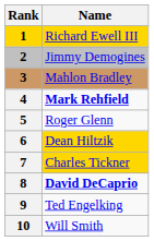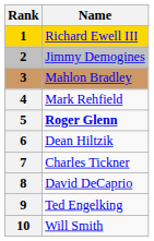 <table class="wikitable">
 <tr>
 <th>Rank</th>
 <th>Name</th>
 </tr>
 <tr bgcolor="gold">
 <td align="center"><strong>1</strong></td>
 <td><a href='#'>Richard Ewell III</a></td>
 </tr>
 <tr bgcolor="silver">
 <td align="center"><strong>2</strong></td>
 <td><a href='#'>Jimmy Demogines</a></td>
 </tr>
 <tr bgcolor="cc9966">
 <td align="center"><strong>3</strong></td>
 <td><a href='#'>Mahlon Bradley</a></td>
 </tr>
 <tr>
 <th>4</th>
-<td><strong><a href='#'>Mark Rehfield</a></strong></td>
+<td><a href='#'>Mark Rehfield</a></td>
 </tr>
 <tr>
 <th>5</th>
-<td><a href='#'>Roger Glenn</a></td>
+<td><strong><a href='#'>Roger Glenn</a></strong></td>
 </tr>
 <tr>
 <th>6</th>
-<td style="background: gold;"><a href='#'>Dean Hiltzik</a></td>
+<td><a href='#'>Dean Hiltzik</a></td>
 </tr>
 <tr>
 <th>7</th>
-<td style="background: gold;"><a href='#'>Charles Tickner</a></td>
+<td><a href='#'>Charles Tickner</a></td>
 </tr>
 <tr>
 <th>8</th>
-<td><strong><a href='#'>David DeCaprio</a></strong></td>
+<td><a href='#'>David DeCaprio</a></td>
 </tr>
 <tr>
 <th>9</th>
 <td><a href='#'>Ted Engelking</a></td>
 </tr>
 <tr>
 <th>10</th>
 <td><a href='#'>Will Smith</a></td>
 </tr>
 </table>
